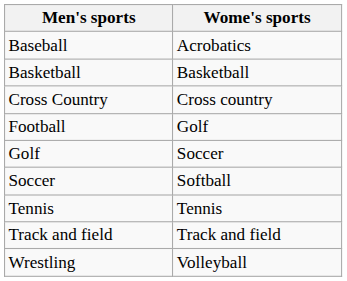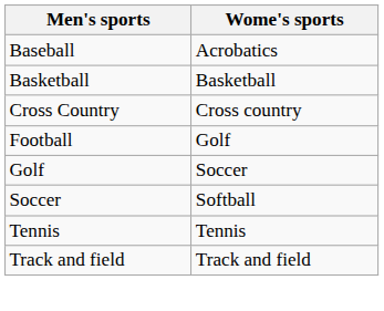 <table class="wikitable"; style= "text-align: ">
 <tr>
 <th width=150px>Men's sports</th>
 <th width=150px>Wome's sports</th>
 </tr>
 <tr>
 <td>Baseball</td>
 <td>Acrobatics</td>
 </tr>
 <tr>
 <td>Basketball</td>
 <td>Basketball</td>
 </tr>
 <tr>
 <td>Cross Country</td>
 <td>Cross country</td>
 </tr>
 <tr>
 <td>Football</td>
 <td>Golf</td>
 </tr>
 <tr>
 <td>Golf</td>
 <td>Soccer</td>
 </tr>
 <tr>
 <td>Soccer</td>
 <td>Softball</td>
 </tr>
 <tr>
 <td>Tennis</td>
 <td>Tennis</td>
 </tr>
 <tr>
 <td>Track and field</td>
 <td>Track and field</td>
 </tr>
-<tr>
-<td>Wrestling</td>
-<td>Volleyball</td>
-</tr>
 </table>
